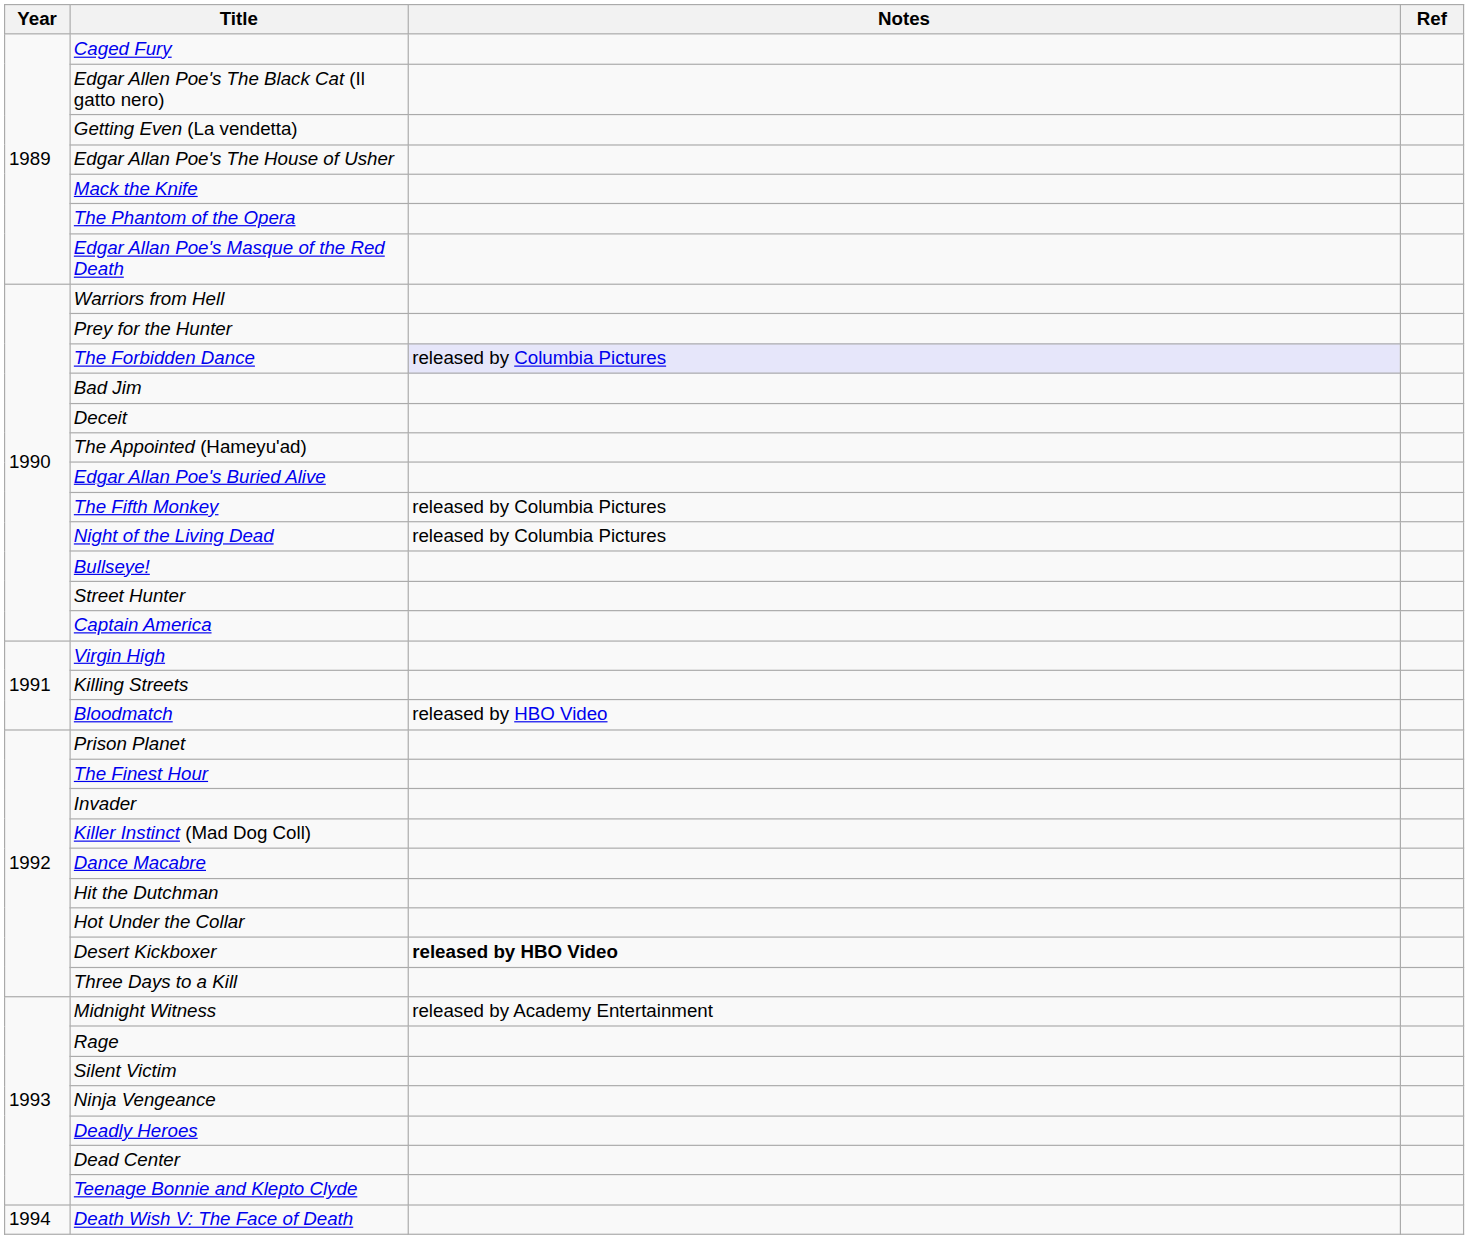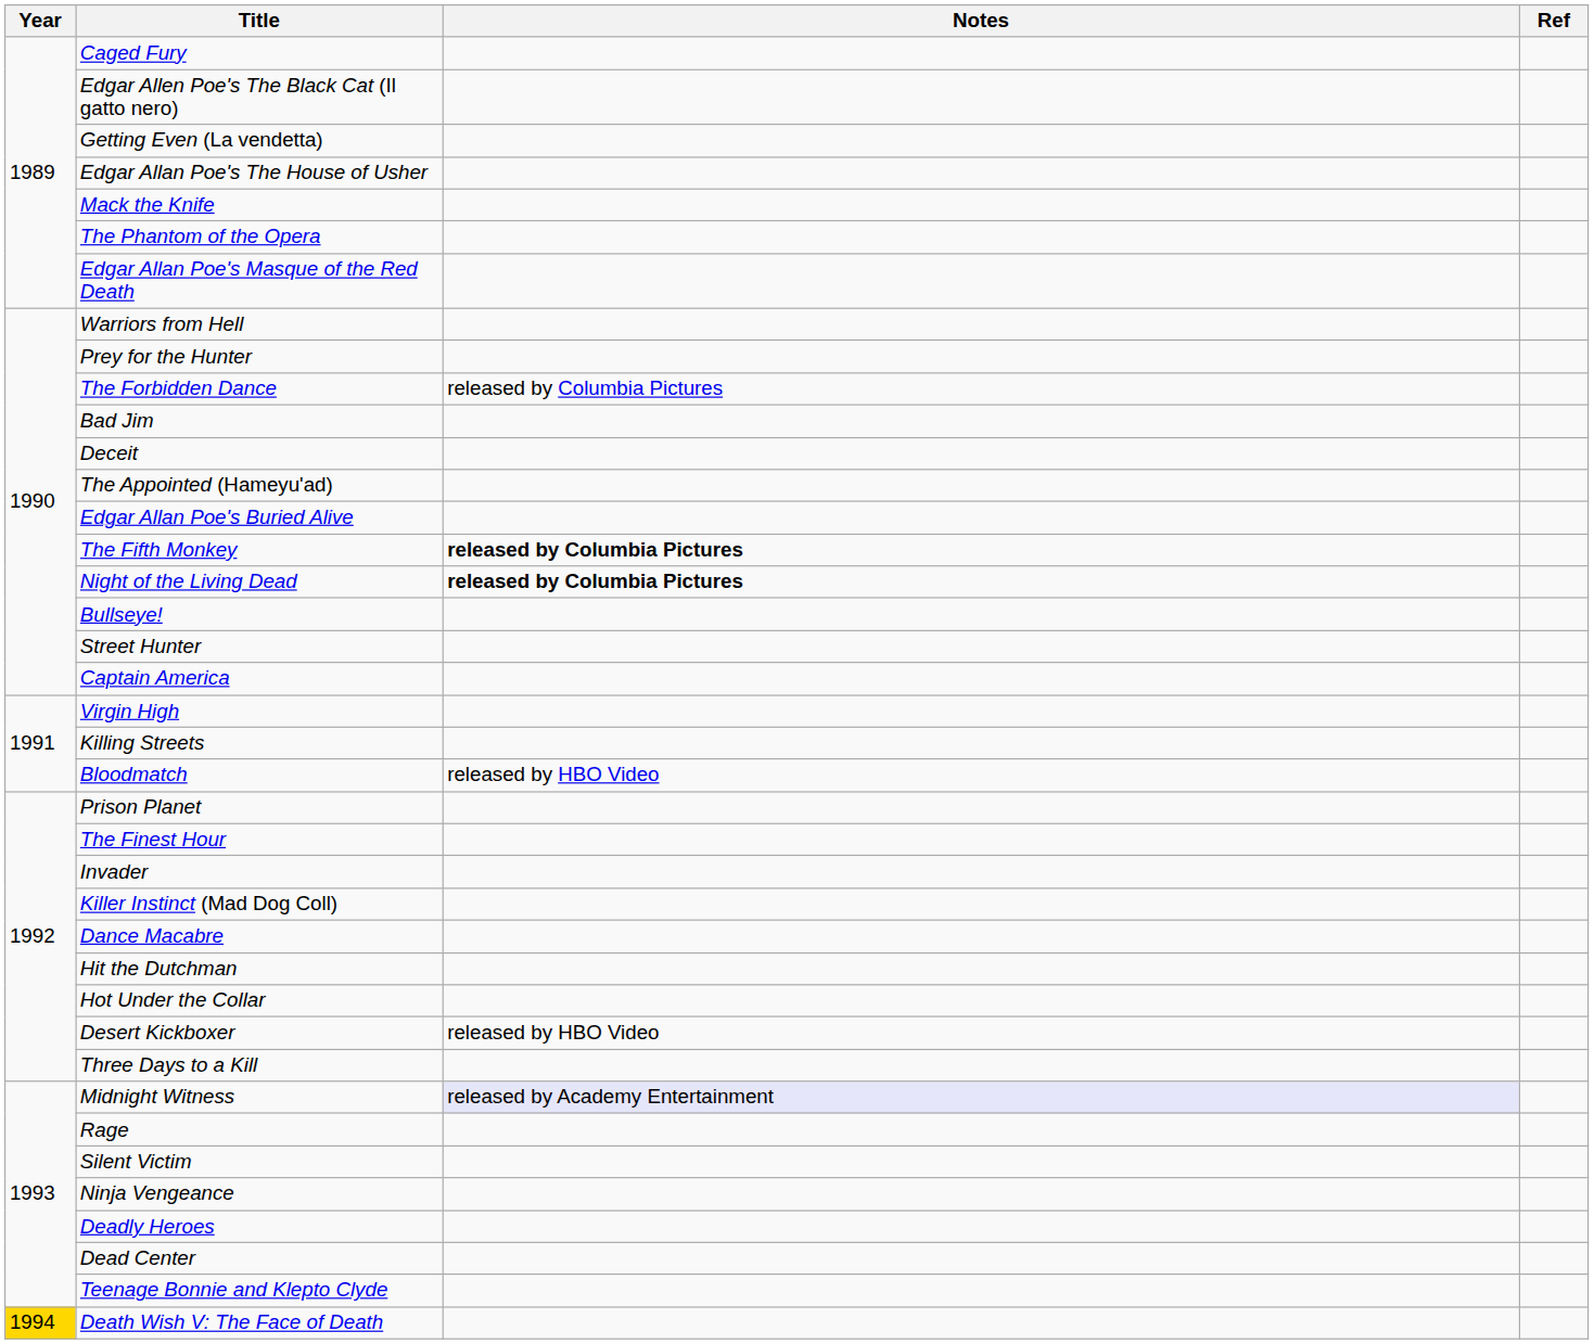 <table class="wikitable sortable">
 <tr>
 <th width="50">Year</th>
 <th width="310">Title</th>
 <th width="950">Notes</th>
 <th width="50" scope="Col" class="unsortable">Ref</th>
 </tr>
 <tr>
 <td rowspan="7">1989</td>
 <td> <em><a href='#'>Caged Fury</a></em></td>
 <td></td>
 <td></td>
 </tr>
 <tr>
 <td> <em>Edgar Allen Poe's The Black Cat</em> (Il gatto nero)</td>
 <td></td>
 <td></td>
 </tr>
 <tr>
 <td> <em>Getting Even</em> (La vendetta)</td>
 <td></td>
 <td></td>
 </tr>
 <tr>
 <td> <em>Edgar Allan Poe's The House of Usher</em></td>
 <td></td>
 <td></td>
 </tr>
 <tr>
 <td> <em><a href='#'>Mack the Knife</a></em></td>
 <td></td>
 <td></td>
 </tr>
 <tr>
 <td> <em><a href='#'>The Phantom of the Opera</a></em></td>
 <td></td>
 <td></td>
 </tr>
 <tr>
 <td> <em><a href='#'>Edgar Allan Poe's Masque of the Red Death</a></em></td>
 <td></td>
 <td></td>
 </tr>
 <tr>
 <td rowspan="12">1990</td>
 <td> <em>Warriors from Hell</em></td>
 <td></td>
 <td></td>
 </tr>
 <tr>
 <td> <em>Prey for the Hunter</em></td>
 <td></td>
 <td></td>
 </tr>
 <tr>
 <td> <em><a href='#'>The Forbidden Dance</a></em></td>
-<td style="background: lavender;">released by <a href='#'>Columbia Pictures</a></td>
+<td>released by <a href='#'>Columbia Pictures</a></td>
 <td></td>
 </tr>
 <tr>
 <td> <em>Bad Jim</em></td>
 <td></td>
 <td></td>
 </tr>
 <tr>
 <td> <em>Deceit</em></td>
 <td></td>
 <td></td>
 </tr>
 <tr>
 <td> <em>The Appointed</em> (Hameyu'ad)</td>
 <td></td>
 <td></td>
 </tr>
 <tr>
 <td> <em><a href='#'>Edgar Allan Poe's Buried Alive</a></em></td>
 <td></td>
 <td></td>
 </tr>
 <tr>
 <td> <em><a href='#'>The Fifth Monkey</a></em></td>
-<td>released by Columbia Pictures</td>
+<td><strong>released by Columbia Pictures</strong></td>
 <td></td>
 </tr>
 <tr>
 <td> <em><a href='#'>Night of the Living Dead</a></em></td>
-<td>released by Columbia Pictures</td>
+<td><strong>released by Columbia Pictures</strong></td>
 <td></td>
 </tr>
 <tr>
 <td> <em><a href='#'>Bullseye!</a></em></td>
 <td></td>
 <td></td>
 </tr>
 <tr>
 <td> <em>Street Hunter</em></td>
 <td></td>
 <td></td>
 </tr>
 <tr>
 <td> <em><a href='#'>Captain America</a></em></td>
 <td></td>
 <td></td>
 </tr>
 <tr>
 <td rowspan="3">1991</td>
 <td> <em><a href='#'>Virgin High</a></em></td>
 <td></td>
 <td></td>
 </tr>
 <tr>
 <td> <em>Killing Streets</em></td>
 <td></td>
 <td></td>
 </tr>
 <tr>
 <td> <em><a href='#'>Bloodmatch</a></em></td>
 <td>released by <a href='#'>HBO Video</a></td>
 <td></td>
 </tr>
 <tr>
 <td rowspan="9">1992</td>
 <td> <em>Prison Planet</em></td>
 <td></td>
 <td></td>
 </tr>
 <tr>
 <td> <em><a href='#'>The Finest Hour</a></em></td>
 <td></td>
 <td></td>
 </tr>
 <tr>
 <td> <em>Invader</em></td>
 <td></td>
 <td></td>
 </tr>
 <tr>
 <td> <em><a href='#'>Killer Instinct</a></em> (Mad Dog Coll)</td>
 <td></td>
 <td></td>
 </tr>
 <tr>
 <td> <em><a href='#'>Dance Macabre</a></em></td>
 <td></td>
 <td></td>
 </tr>
 <tr>
 <td> <em>Hit the Dutchman</em></td>
 <td></td>
 <td></td>
 </tr>
 <tr>
 <td> <em>Hot Under the Collar</em></td>
 <td></td>
 <td></td>
 </tr>
 <tr>
 <td> <em>Desert Kickboxer</em></td>
-<td><strong>released by HBO Video</strong></td>
+<td>released by HBO Video</td>
 <td></td>
 </tr>
 <tr>
 <td> <em>Three Days to a Kill</em></td>
 <td></td>
 <td></td>
 </tr>
 <tr>
 <td rowspan="7">1993</td>
 <td> <em>Midnight Witness</em></td>
-<td>released by Academy Entertainment</td>
+<td style="background: lavender;">released by Academy Entertainment</td>
 <td></td>
 </tr>
 <tr>
 <td> <em>Rage</em></td>
 <td></td>
 <td></td>
 </tr>
 <tr>
 <td> <em>Silent Victim</em></td>
 <td></td>
 <td></td>
 </tr>
 <tr>
 <td> <em>Ninja Vengeance</em></td>
 <td></td>
 <td></td>
 </tr>
 <tr>
 <td> <em><a href='#'>Deadly Heroes</a></em></td>
 <td></td>
 <td></td>
 </tr>
 <tr>
 <td> <em>Dead Center</em></td>
 <td></td>
 <td></td>
 </tr>
 <tr>
 <td> <em><a href='#'>Teenage Bonnie and Klepto Clyde</a></em></td>
 <td></td>
 <td></td>
 </tr>
 <tr>
-<td>1994</td>
+<td style="background: gold;">1994</td>
 <td> <em><a href='#'>Death Wish V: The Face of Death</a></em></td>
 <td></td>
 <td></td>
 </tr>
 </table>
